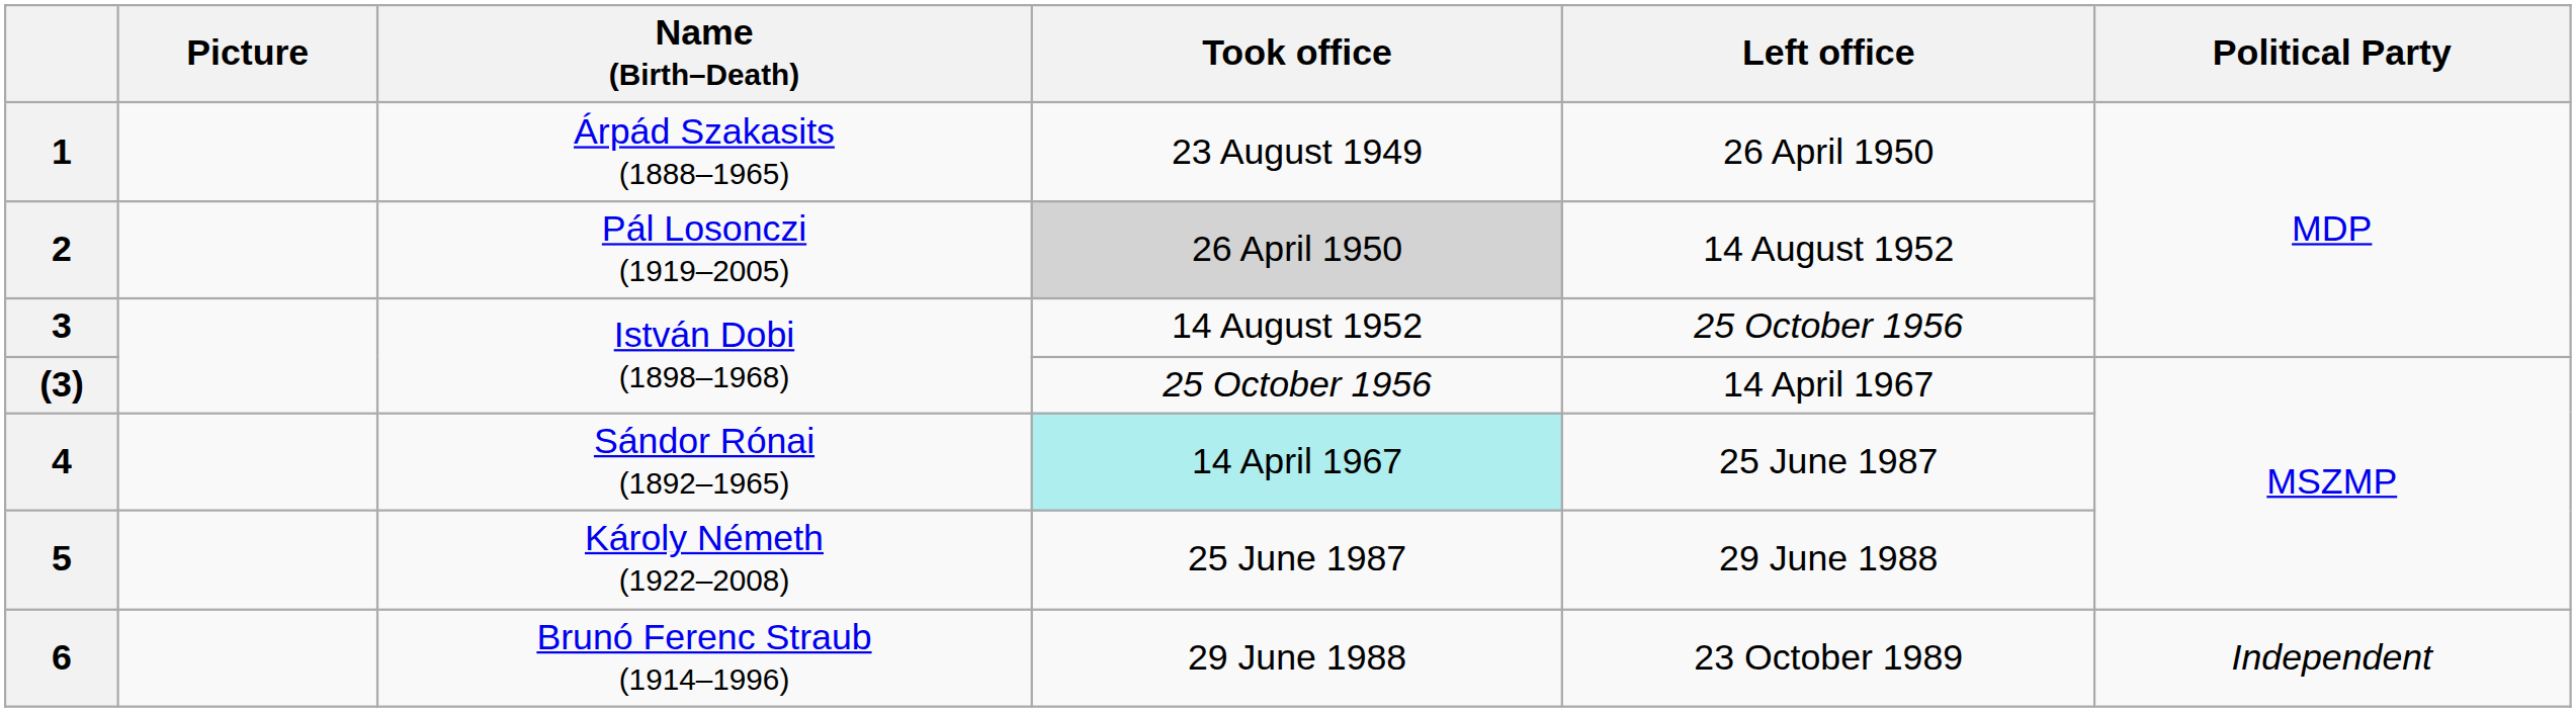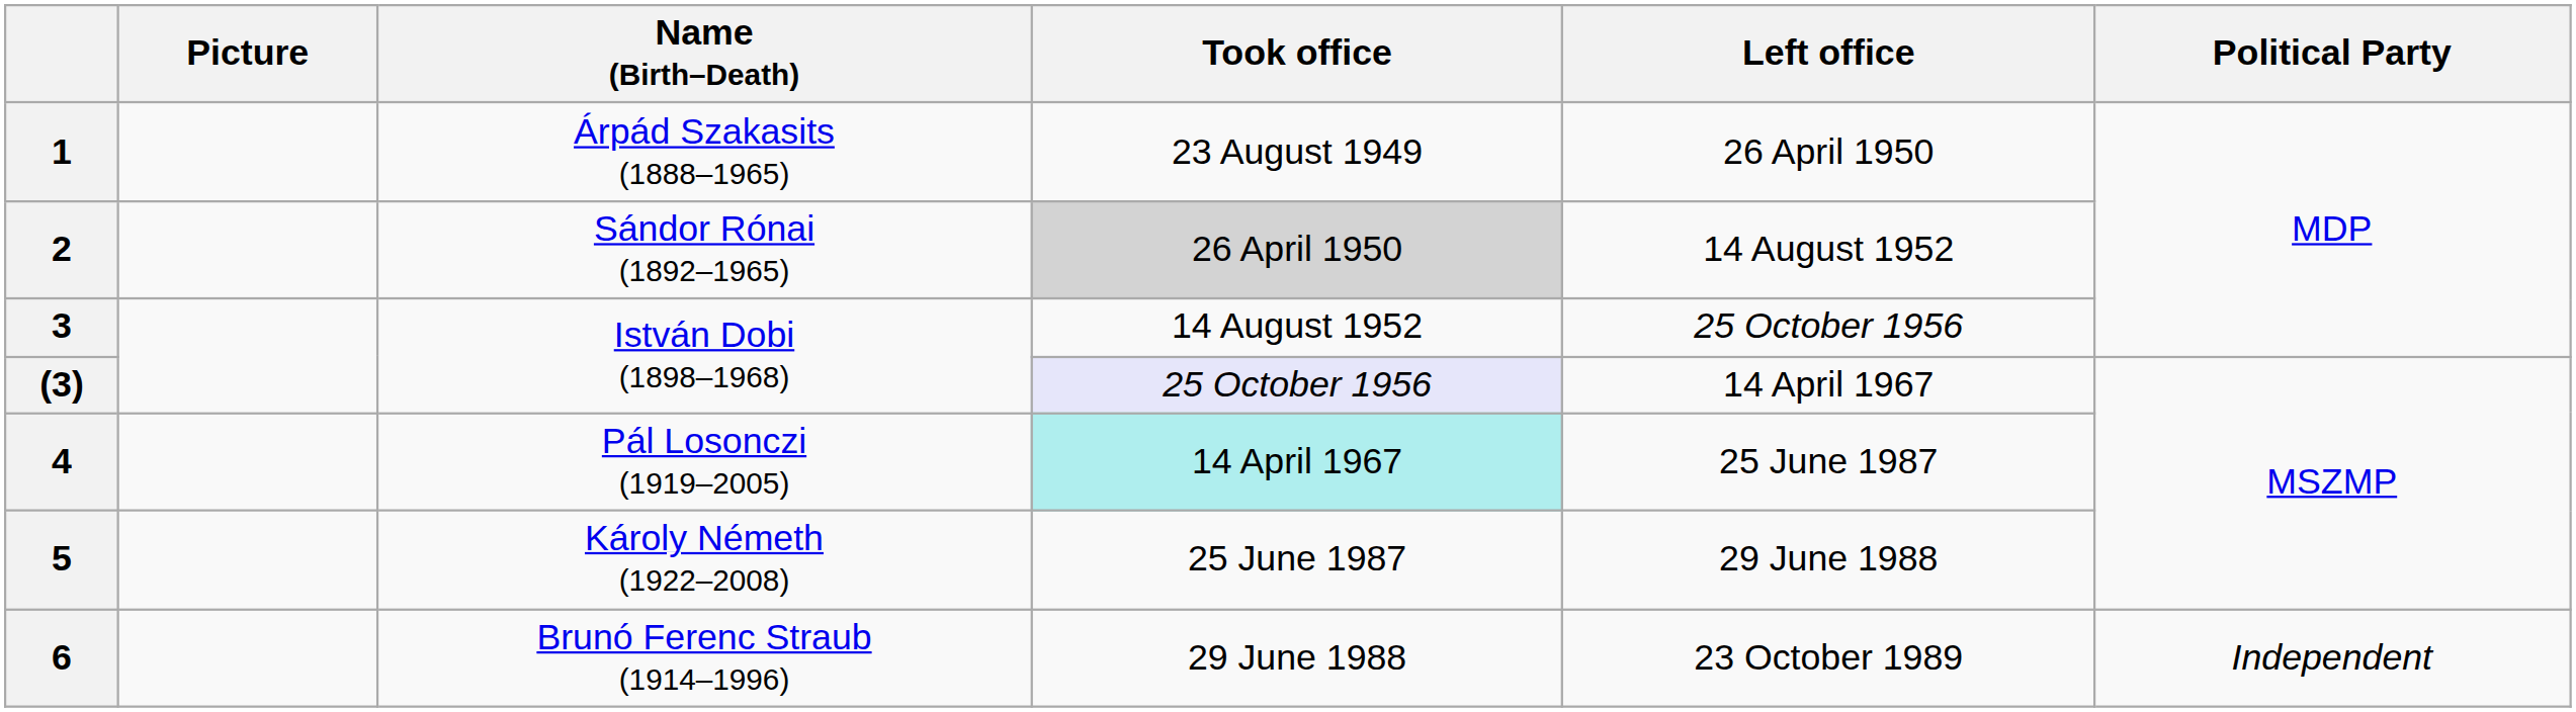 <table class="wikitable" style="width:90%; text-align:center;">
 <tr>
 <th></th>
 <th>Picture</th>
 <th>Name<br><small>(Birth–Death)</small></th>
 <th>Took office</th>
 <th>Left office</th>
 <th>Political Party</th>
 </tr>
 <tr>
 <th style="background-color:">1</th>
 <td></td>
 <td><a href='#'>Árpád Szakasits</a><br><small>(1888–1965)</small></td>
 <td>23 August 1949</td>
 <td>26 April 1950</td>
 <td rowspan=3><a href='#'>MDP</a></td>
 </tr>
 <tr>
 <th style="background-color:">2</th>
 <td></td>
-<td><a href='#'>Pál Losonczi</a><br><small>(1919–2005)</small></td>
+<td><a href='#'>Sándor Rónai</a><br><small>(1892–1965)</small></td>
 <td style="background: lightgrey;">26 April 1950</td>
 <td>14 August 1952</td>
 </tr>
 <tr>
 <th style="background-color:">3</th>
 <td rowspan=2></td>
 <td rowspan=2><a href='#'>István Dobi</a><br><small>(1898–1968)</small></td>
 <td>14 August 1952</td>
 <td><em>25 October 1956</em></td>
 </tr>
 <tr>
 <th style="background-color:">(3)</th>
-<td><em>25 October 1956</em></td>
+<td style="background: lavender;"><em>25 October 1956</em></td>
 <td>14 April 1967</td>
 <td rowspan=3><a href='#'>MSZMP</a></td>
 </tr>
 <tr>
 <th style="background-color:">4</th>
 <td></td>
-<td><a href='#'>Sándor Rónai</a><br><small>(1892–1965)</small></td>
+<td><a href='#'>Pál Losonczi</a><br><small>(1919–2005)</small></td>
 <td style="background: paleturquoise;">14 April 1967</td>
 <td>25 June 1987</td>
 </tr>
 <tr>
 <th style="background-color:">5</th>
 <td></td>
 <td><a href='#'>Károly Németh</a><br><small>(1922–2008)</small></td>
 <td>25 June 1987</td>
 <td>29 June 1988</td>
 </tr>
 <tr>
 <th style="background:">6</th>
 <td></td>
 <td><a href='#'>Brunó Ferenc Straub</a><br><small>(1914–1996)</small></td>
 <td>29 June 1988</td>
 <td>23 October 1989</td>
 <td><em>Independent</em></td>
 </tr>
 </table>
